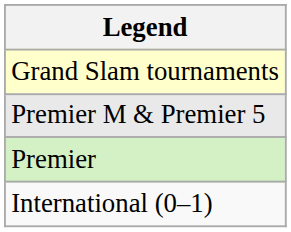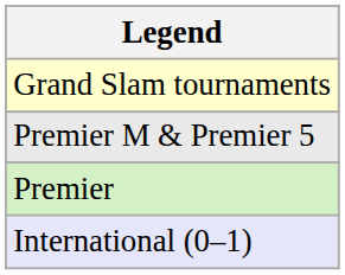 <table class=wikitable style="font-size:90%">
 <tr>
 <th>Legend</th>
 </tr>
 <tr>
 <td style="background:#ffc;">Grand Slam tournaments</td>
 </tr>
 <tr>
 <td bgcolor=e9e9e9>Premier M & Premier 5</td>
 </tr>
 <tr>
 <td bgcolor=d4f1c5>Premier</td>
 </tr>
 <tr>
-<td>International (0–1)</td>
+<td style="background: lavender;">International (0–1)</td>
 </tr>
 </table>
